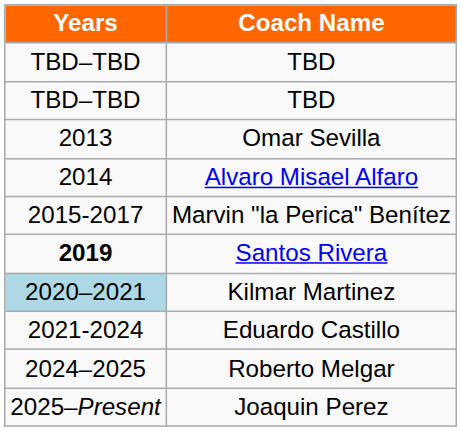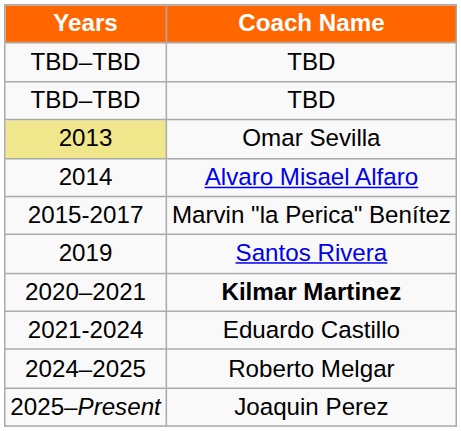 <table class="wikitable" style="text-align: center">
 <tr>
 <th style="color:#fff; background:#f60;">Years</th>
 <th style="color:#fff; background:#f60;">Coach Name</th>
 </tr>
 <tr>
 <td>TBD–TBD</td>
 <td> TBD</td>
 </tr>
 <tr>
 <td>TBD–TBD</td>
 <td> TBD</td>
 </tr>
 <tr>
-<td>2013</td>
+<td style="background: khaki;">2013</td>
 <td> Omar Sevilla</td>
 </tr>
 <tr>
 <td>2014</td>
 <td> <a href='#'>Alvaro Misael Alfaro</a></td>
 </tr>
 <tr>
 <td>2015-2017</td>
 <td> Marvin "la Perica" Benítez</td>
 </tr>
 <tr>
-<td><strong>2019</strong></td>
+<td>2019</td>
 <td> <a href='#'>Santos Rivera</a></td>
 </tr>
 <tr>
-<td style="background: lightblue;">2020–2021</td>
-<td> Kilmar Martinez</td>
+<td>2020–2021</td>
+<td><strong> Kilmar Martinez</strong></td>
 </tr>
 <tr>
 <td>2021-2024</td>
 <td> Eduardo Castillo</td>
 </tr>
 <tr>
 <td>2024–2025</td>
 <td> Roberto Melgar</td>
 </tr>
 <tr>
 <td>2025–<em>Present</em></td>
 <td> Joaquin Perez</td>
 </tr>
 </table>
